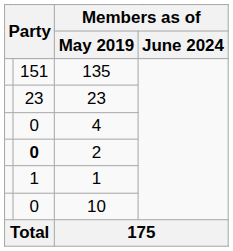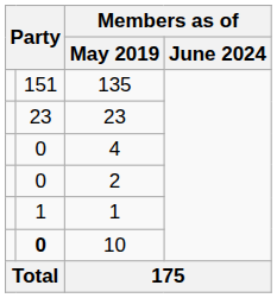 <table class="wikitable sortable">
 <tr>
 <th rowspan=2 colspan="2">Party</th>
 <th colspan=2>Members as of</th>
 </tr>
 <tr>
 <th>May 2019</th>
 <th>June 2024</th>
 </tr>
 <tr>
 <td></td>
 <td style="text-align: center;">151</td>
 <td style="text-align: center;">135</td>
 </tr>
 <tr>
 <td></td>
 <td style="text-align: center;">23</td>
 <td style="text-align: center;">23</td>
 </tr>
 <tr>
 <td></td>
 <td style="text-align: center;">0</td>
 <td style="text-align: center;">4</td>
 </tr>
 <tr>
 <td></td>
-<td style="text-align: center;"><strong>0</strong></td>
+<td style="text-align: center;">0</td>
 <td style="text-align: center;">2</td>
 </tr>
 <tr>
 <td></td>
 <td style="text-align: center;">1</td>
 <td style="text-align: center;">1</td>
 </tr>
 <tr>
 <td></td>
-<td style="text-align: center;">0</td>
+<td style="text-align: center;"><strong>0</strong></td>
 <td style="text-align: center;">10</td>
 </tr>
 <tr>
 <th colspan="2"><strong>Total</strong></th>
 <th colspan=2>175</th>
 </tr>
 </table>
